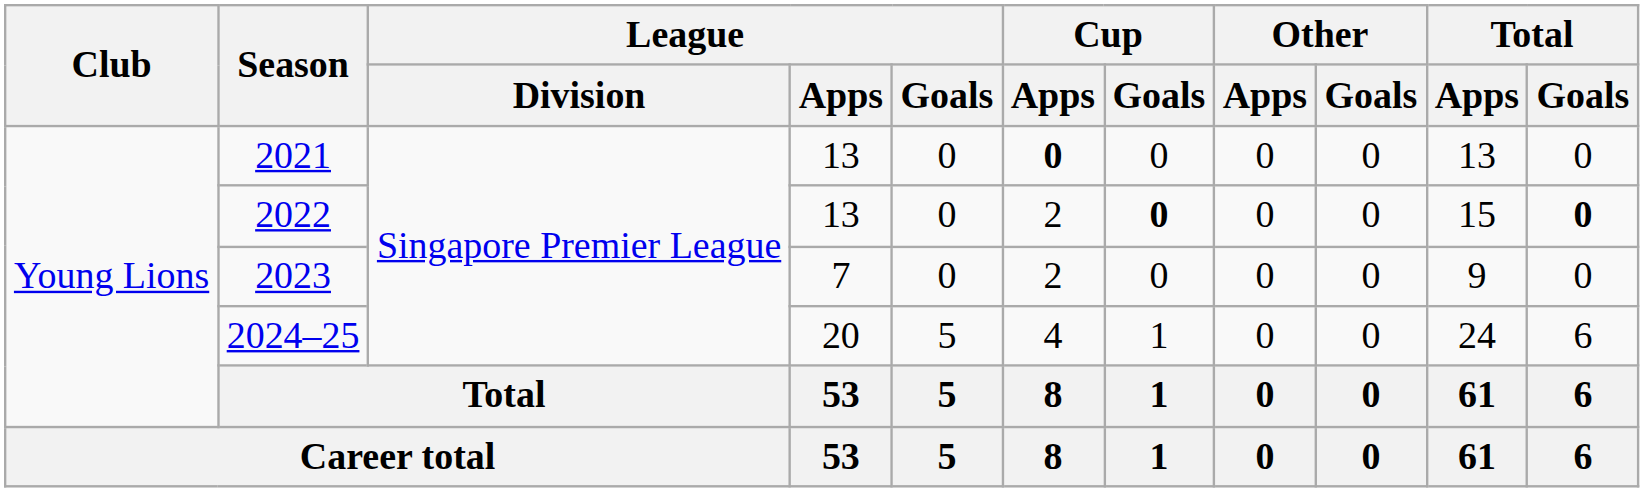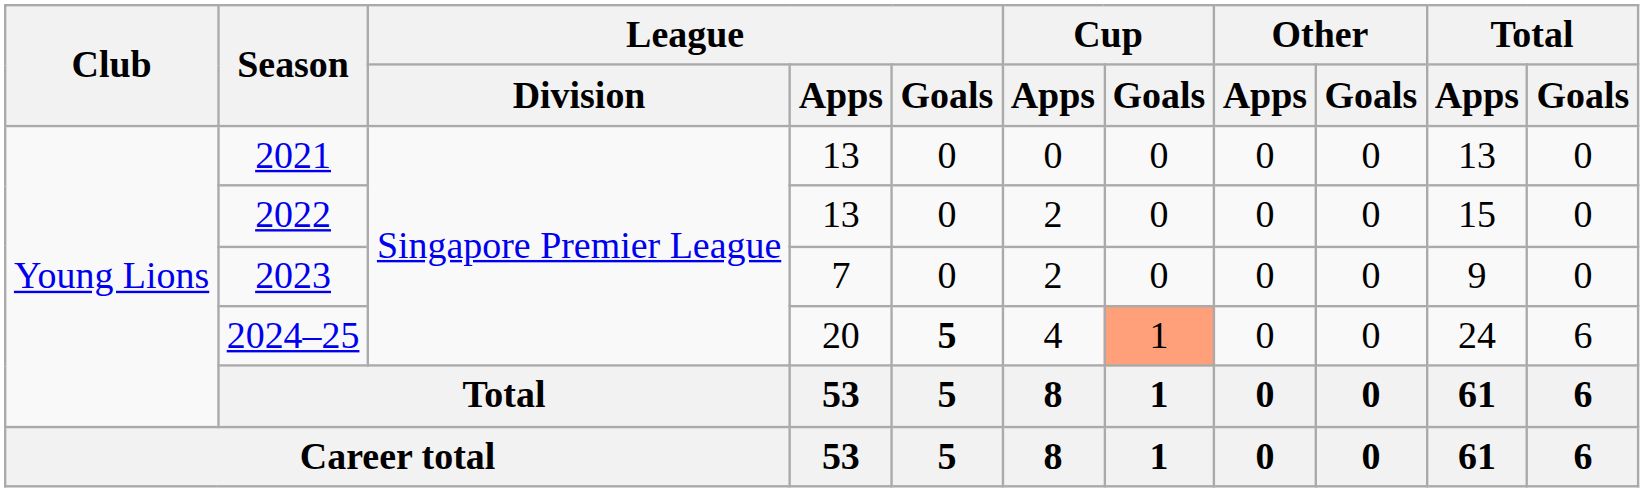 <table class="wikitable" style="text-align: center">
 <tr>
 <th rowspan="2">Club</th>
 <th rowspan="2">Season</th>
 <th colspan="3">League</th>
 <th colspan="2">Cup</th>
 <th colspan="2">Other</th>
 <th colspan="2">Total</th>
 </tr>
 <tr>
 <th>Division</th>
 <th>Apps</th>
 <th>Goals</th>
 <th>Apps</th>
 <th>Goals</th>
 <th>Apps</th>
 <th>Goals</th>
 <th>Apps</th>
 <th>Goals</th>
 </tr>
 <tr>
 <td rowspan="5"><a href='#'>Young Lions</a></td>
 <td><a href='#'>2021</a></td>
 <td rowspan="4"><a href='#'>Singapore Premier League</a></td>
 <td>13</td>
 <td>0</td>
-<td><strong>0</strong></td>
+<td>0</td>
 <td>0</td>
 <td>0</td>
 <td>0</td>
 <td>13</td>
 <td>0</td>
 </tr>
 <tr>
 <td><a href='#'>2022</a></td>
 <td>13</td>
 <td>0</td>
 <td>2</td>
-<td><strong>0</strong></td>
+<td>0</td>
 <td>0</td>
 <td>0</td>
 <td>15</td>
-<td><strong>0</strong></td>
+<td>0</td>
 </tr>
 <tr>
 <td><a href='#'>2023</a></td>
 <td>7</td>
 <td>0</td>
 <td>2</td>
 <td>0</td>
 <td>0</td>
 <td>0</td>
 <td>9</td>
 <td>0</td>
 </tr>
 <tr>
 <td><a href='#'>2024–25</a></td>
 <td>20</td>
-<td>5</td>
+<td><strong>5</strong></td>
 <td>4</td>
-<td>1</td>
+<td style="background: lightsalmon;">1</td>
 <td>0</td>
 <td>0</td>
 <td>24</td>
 <td>6</td>
 </tr>
 <tr>
 <th colspan=2>Total</th>
 <th>53</th>
 <th>5</th>
 <th>8</th>
 <th>1</th>
 <th>0</th>
 <th>0</th>
 <th>61</th>
 <th>6</th>
 </tr>
 <tr>
 <th colspan=3>Career total</th>
 <th>53</th>
 <th>5</th>
 <th>8</th>
 <th>1</th>
 <th>0</th>
 <th>0</th>
 <th>61</th>
 <th>6</th>
 </tr>
 </table>
